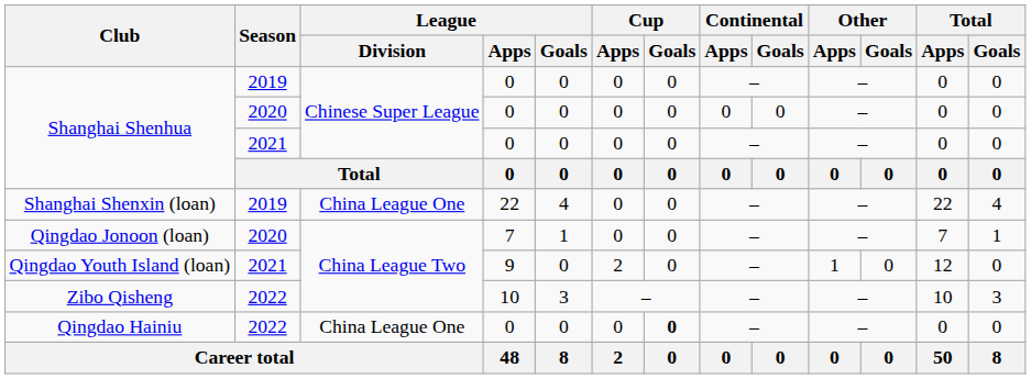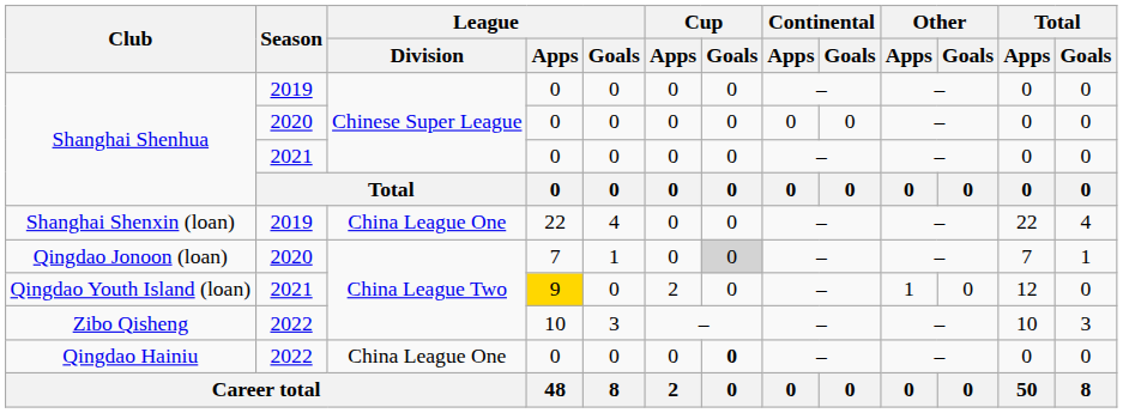 <table class="wikitable" style="text-align: center">
 <tr>
 <th rowspan="2">Club</th>
 <th rowspan="2">Season</th>
 <th colspan="3">League</th>
 <th colspan="2">Cup</th>
 <th colspan="2">Continental</th>
 <th colspan="2">Other</th>
 <th colspan="2">Total</th>
 </tr>
 <tr>
 <th>Division</th>
 <th>Apps</th>
 <th>Goals</th>
 <th>Apps</th>
 <th>Goals</th>
 <th>Apps</th>
 <th>Goals</th>
 <th>Apps</th>
 <th>Goals</th>
 <th>Apps</th>
 <th>Goals</th>
 </tr>
 <tr>
 <td rowspan="4"><a href='#'>Shanghai Shenhua</a></td>
 <td><a href='#'>2019</a></td>
 <td rowspan="3"><a href='#'>Chinese Super League</a></td>
 <td>0</td>
 <td>0</td>
 <td>0</td>
 <td>0</td>
 <td colspan="2">–</td>
 <td colspan="2">–</td>
 <td>0</td>
 <td>0</td>
 </tr>
 <tr>
 <td><a href='#'>2020</a></td>
 <td>0</td>
 <td>0</td>
 <td>0</td>
 <td>0</td>
 <td>0</td>
 <td>0</td>
 <td colspan="2">–</td>
 <td>0</td>
 <td>0</td>
 </tr>
 <tr>
 <td><a href='#'>2021</a></td>
 <td>0</td>
 <td>0</td>
 <td>0</td>
 <td>0</td>
 <td colspan="2">–</td>
 <td colspan="2">–</td>
 <td>0</td>
 <td>0</td>
 </tr>
 <tr>
 <th colspan=2>Total</th>
 <th>0</th>
 <th>0</th>
 <th>0</th>
 <th>0</th>
 <th>0</th>
 <th>0</th>
 <th>0</th>
 <th>0</th>
 <th>0</th>
 <th>0</th>
 </tr>
 <tr>
 <td><a href='#'>Shanghai Shenxin</a> (loan)</td>
 <td><a href='#'>2019</a></td>
 <td><a href='#'>China League One</a></td>
 <td>22</td>
 <td>4</td>
 <td>0</td>
 <td>0</td>
 <td colspan="2">–</td>
 <td colspan="2">–</td>
 <td>22</td>
 <td>4</td>
 </tr>
 <tr>
 <td><a href='#'>Qingdao Jonoon</a> (loan)</td>
 <td><a href='#'>2020</a></td>
 <td rowspan="3"><a href='#'>China League Two</a></td>
 <td>7</td>
 <td>1</td>
 <td>0</td>
-<td>0</td>
+<td style="background: lightgrey;">0</td>
 <td colspan="2">–</td>
 <td colspan="2">–</td>
 <td>7</td>
 <td>1</td>
 </tr>
 <tr>
 <td><a href='#'>Qingdao Youth Island</a> (loan)</td>
 <td><a href='#'>2021</a></td>
-<td>9</td>
+<td style="background: gold;">9</td>
 <td>0</td>
 <td>2</td>
 <td>0</td>
 <td colspan="2">–</td>
 <td>1</td>
 <td>0</td>
 <td>12</td>
 <td>0</td>
 </tr>
 <tr>
 <td><a href='#'>Zibo Qisheng</a></td>
 <td><a href='#'>2022</a></td>
 <td>10</td>
 <td>3</td>
 <td colspan="2">–</td>
 <td colspan="2">–</td>
 <td colspan="2">–</td>
 <td>10</td>
 <td>3</td>
 </tr>
 <tr>
 <td><a href='#'>Qingdao Hainiu</a></td>
 <td><a href='#'>2022</a></td>
 <td>China League One</td>
 <td>0</td>
 <td>0</td>
 <td>0</td>
 <td><strong>0</strong></td>
 <td colspan="2">–</td>
 <td colspan="2">–</td>
 <td>0</td>
 <td>0</td>
 </tr>
 <tr>
 <th colspan=3>Career total</th>
 <th>48</th>
 <th>8</th>
 <th>2</th>
 <th>0</th>
 <th>0</th>
 <th>0</th>
 <th>0</th>
 <th>0</th>
 <th>50</th>
 <th>8</th>
 </tr>
 </table>
